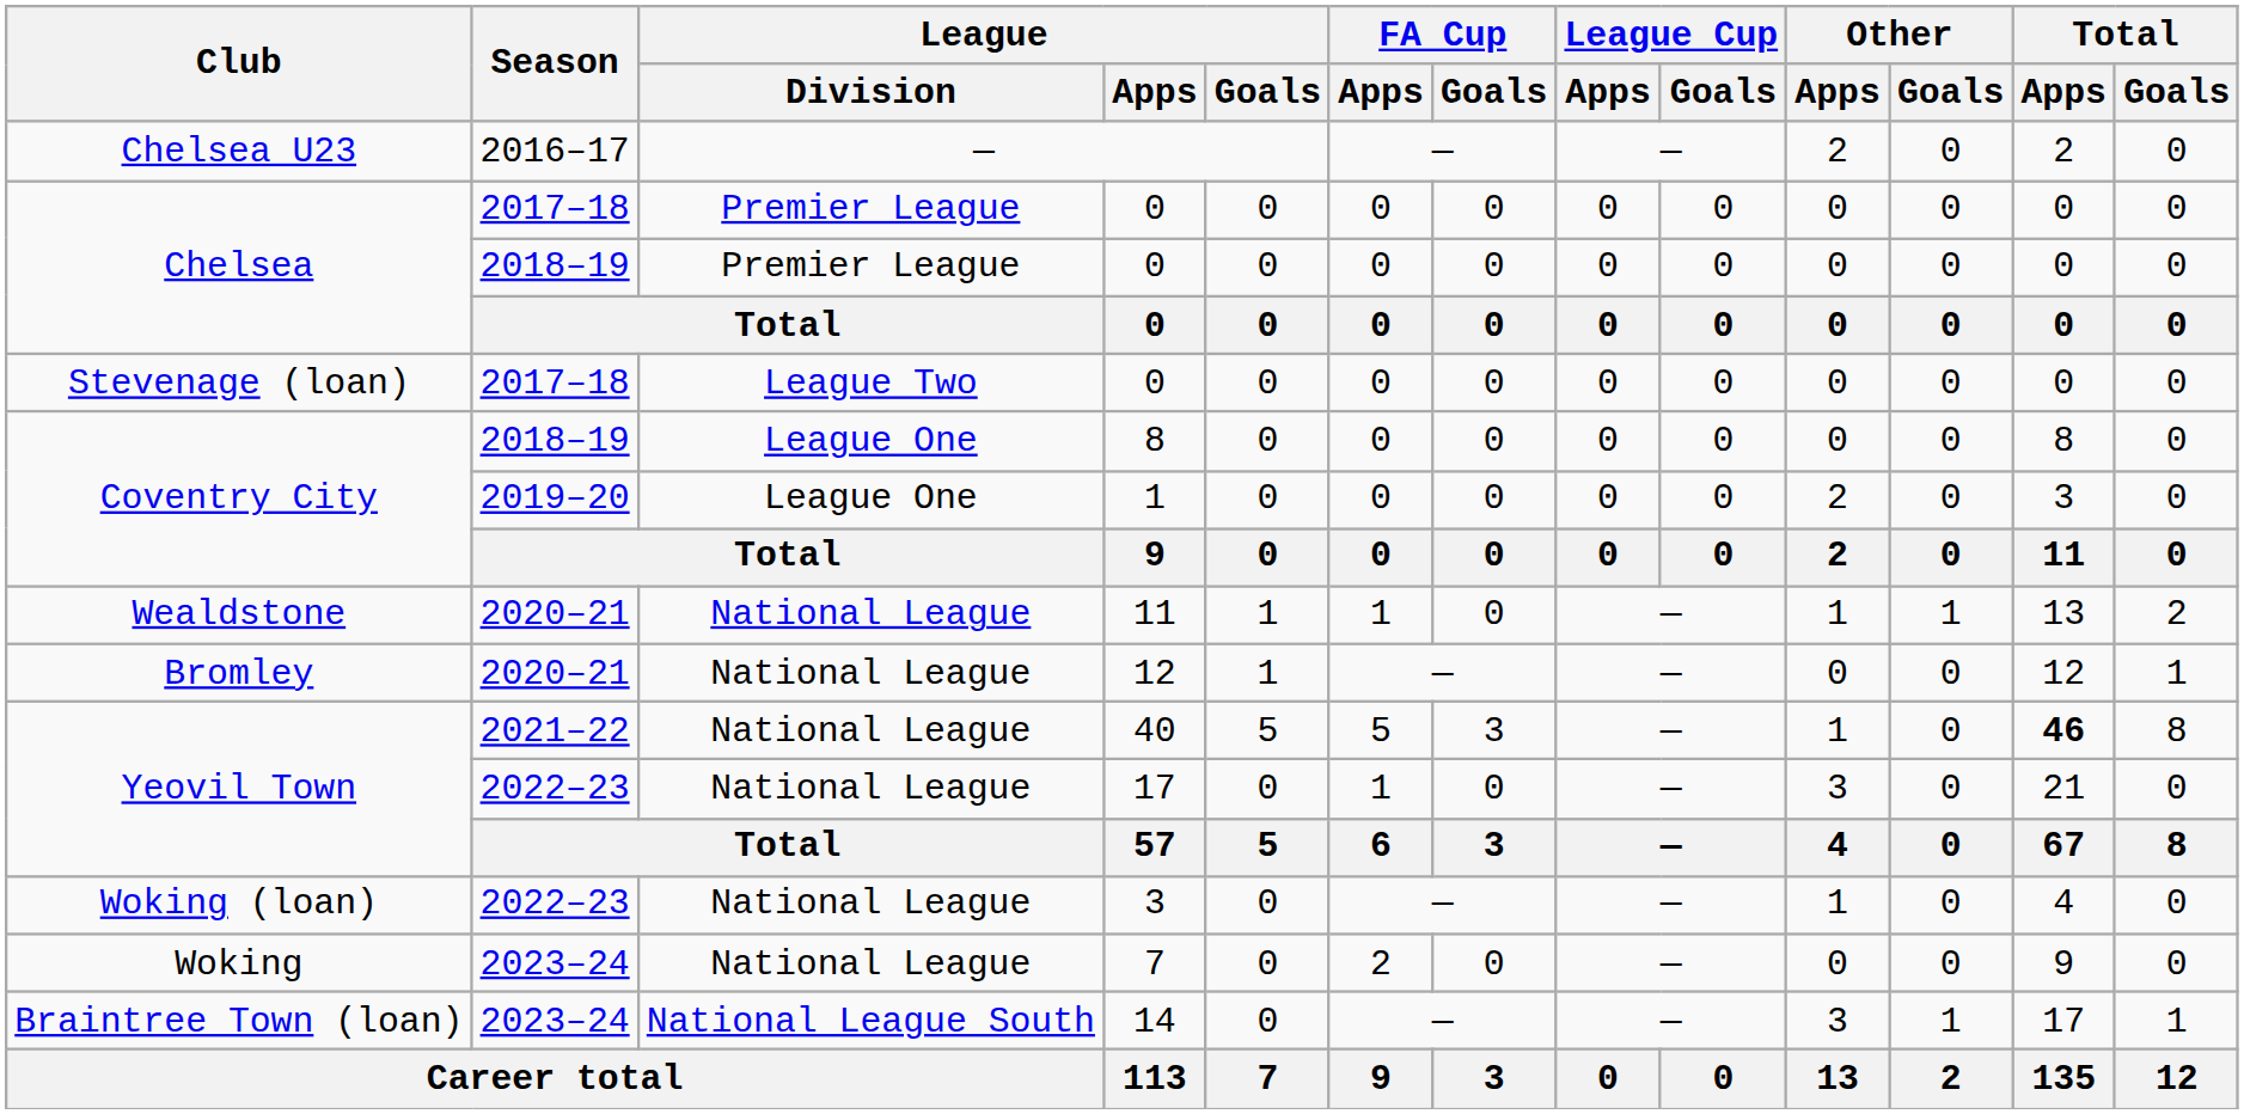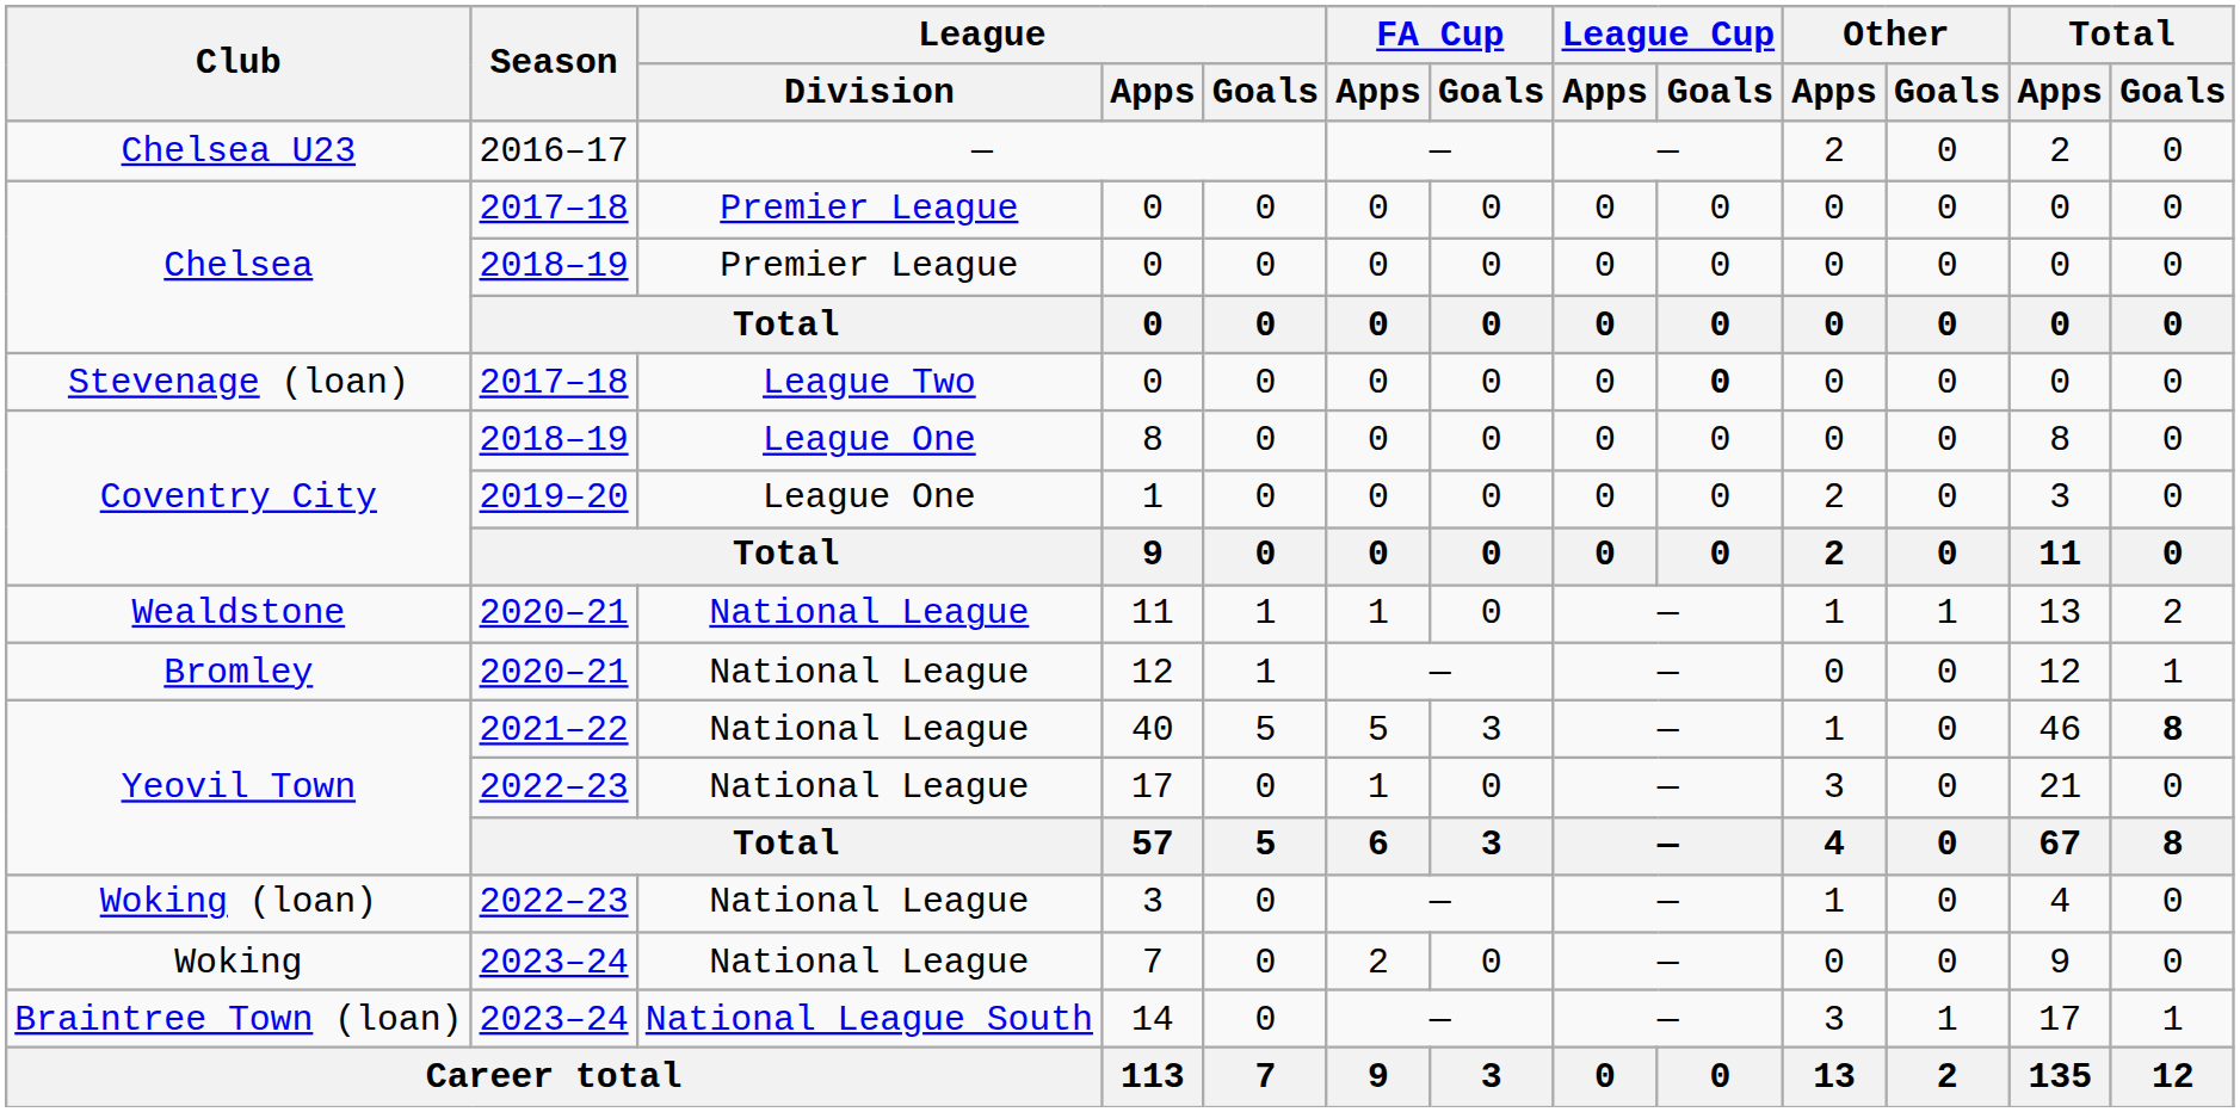 <table class=wikitable style="text-align: center">
 <tr>
 <th rowspan=2>Club</th>
 <th rowspan=2>Season</th>
 <th colspan=3>League</th>
 <th colspan=2><a href='#'>FA Cup</a></th>
 <th colspan=2><a href='#'>League Cup</a></th>
 <th colspan=2>Other</th>
 <th colspan=2>Total</th>
 </tr>
 <tr>
 <th>Division</th>
 <th>Apps</th>
 <th>Goals</th>
 <th>Apps</th>
 <th>Goals</th>
 <th>Apps</th>
 <th>Goals</th>
 <th>Apps</th>
 <th>Goals</th>
 <th>Apps</th>
 <th>Goals</th>
 </tr>
 <tr>
 <td><a href='#'>Chelsea U23</a></td>
 <td>2016–17</td>
 <td colspan=3>—</td>
 <td colspan=2>—</td>
 <td colspan=2>—</td>
 <td>2</td>
 <td>0</td>
 <td>2</td>
 <td>0</td>
 </tr>
 <tr>
 <td rowspan=3><a href='#'>Chelsea</a></td>
 <td><a href='#'>2017–18</a></td>
 <td><a href='#'>Premier League</a></td>
 <td>0</td>
 <td>0</td>
 <td>0</td>
 <td>0</td>
 <td>0</td>
 <td>0</td>
 <td>0</td>
 <td>0</td>
 <td>0</td>
 <td>0</td>
 </tr>
 <tr>
 <td><a href='#'>2018–19</a></td>
 <td>Premier League</td>
 <td>0</td>
 <td>0</td>
 <td>0</td>
 <td>0</td>
 <td>0</td>
 <td>0</td>
 <td>0</td>
 <td>0</td>
 <td>0</td>
 <td>0</td>
 </tr>
 <tr>
 <th colspan=2>Total</th>
 <th>0</th>
 <th>0</th>
 <th>0</th>
 <th>0</th>
 <th>0</th>
 <th>0</th>
 <th>0</th>
 <th>0</th>
 <th>0</th>
 <th>0</th>
 </tr>
 <tr>
 <td><a href='#'>Stevenage</a> (loan)</td>
 <td><a href='#'>2017–18</a></td>
 <td><a href='#'>League Two</a></td>
 <td>0</td>
 <td>0</td>
 <td>0</td>
 <td>0</td>
 <td>0</td>
-<td>0</td>
+<td><strong>0</strong></td>
 <td>0</td>
 <td>0</td>
 <td>0</td>
 <td>0</td>
 </tr>
 <tr>
 <td rowspan=3><a href='#'>Coventry City</a></td>
 <td><a href='#'>2018–19</a></td>
 <td><a href='#'>League One</a></td>
 <td>8</td>
 <td>0</td>
 <td>0</td>
 <td>0</td>
 <td>0</td>
 <td>0</td>
 <td>0</td>
 <td>0</td>
 <td>8</td>
 <td>0</td>
 </tr>
 <tr>
 <td><a href='#'>2019–20</a></td>
 <td>League One</td>
 <td>1</td>
 <td>0</td>
 <td>0</td>
 <td>0</td>
 <td>0</td>
 <td>0</td>
 <td>2</td>
 <td>0</td>
 <td>3</td>
 <td>0</td>
 </tr>
 <tr>
 <th colspan=2>Total</th>
 <th>9</th>
 <th>0</th>
 <th>0</th>
 <th>0</th>
 <th>0</th>
 <th>0</th>
 <th>2</th>
 <th>0</th>
 <th>11</th>
 <th>0</th>
 </tr>
 <tr>
 <td><a href='#'>Wealdstone</a></td>
 <td><a href='#'>2020–21</a></td>
 <td><a href='#'>National League</a></td>
 <td>11</td>
 <td>1</td>
 <td>1</td>
 <td>0</td>
 <td colspan=2>—</td>
 <td>1</td>
 <td>1</td>
 <td>13</td>
 <td>2</td>
 </tr>
 <tr>
 <td><a href='#'>Bromley</a></td>
 <td><a href='#'>2020–21</a></td>
 <td>National League</td>
 <td>12</td>
 <td>1</td>
 <td colspan=2>—</td>
 <td colspan=2>—</td>
 <td>0</td>
 <td>0</td>
 <td>12</td>
 <td>1</td>
 </tr>
 <tr>
 <td rowspan=3><a href='#'>Yeovil Town</a></td>
 <td><a href='#'>2021–22</a></td>
 <td>National League</td>
 <td>40</td>
 <td>5</td>
 <td>5</td>
 <td>3</td>
 <td colspan=2>—</td>
 <td>1</td>
 <td>0</td>
-<td><strong>46</strong></td>
-<td>8</td>
+<td>46</td>
+<td><strong>8</strong></td>
 </tr>
 <tr>
 <td><a href='#'>2022–23</a></td>
 <td>National League</td>
 <td>17</td>
 <td>0</td>
 <td>1</td>
 <td>0</td>
 <td colspan=2>—</td>
 <td>3</td>
 <td>0</td>
 <td>21</td>
 <td>0</td>
 </tr>
 <tr>
 <th colspan=2>Total</th>
 <th>57</th>
 <th>5</th>
 <th>6</th>
 <th>3</th>
 <th colspan=2>—</th>
 <th>4</th>
 <th>0</th>
 <th>67</th>
 <th>8</th>
 </tr>
 <tr>
 <td><a href='#'>Woking</a> (loan)</td>
 <td><a href='#'>2022–23</a></td>
 <td>National League</td>
 <td>3</td>
 <td>0</td>
 <td colspan=2>—</td>
 <td colspan=2>—</td>
 <td>1</td>
 <td>0</td>
 <td>4</td>
 <td>0</td>
 </tr>
 <tr>
 <td>Woking</td>
 <td><a href='#'>2023–24</a></td>
 <td>National League</td>
 <td>7</td>
 <td>0</td>
 <td>2</td>
 <td>0</td>
 <td colspan=2>—</td>
 <td>0</td>
 <td>0</td>
 <td>9</td>
 <td>0</td>
 </tr>
 <tr>
 <td><a href='#'>Braintree Town</a> (loan)</td>
 <td><a href='#'>2023–24</a></td>
 <td><a href='#'>National League South</a></td>
 <td>14</td>
 <td>0</td>
 <td colspan=2>—</td>
 <td colspan=2>—</td>
 <td>3</td>
 <td>1</td>
 <td>17</td>
 <td>1</td>
 </tr>
 <tr>
 <th colspan=3>Career total</th>
 <th>113</th>
 <th>7</th>
 <th>9</th>
 <th>3</th>
 <th>0</th>
 <th>0</th>
 <th>13</th>
 <th>2</th>
 <th>135</th>
 <th>12</th>
 </tr>
 </table>
